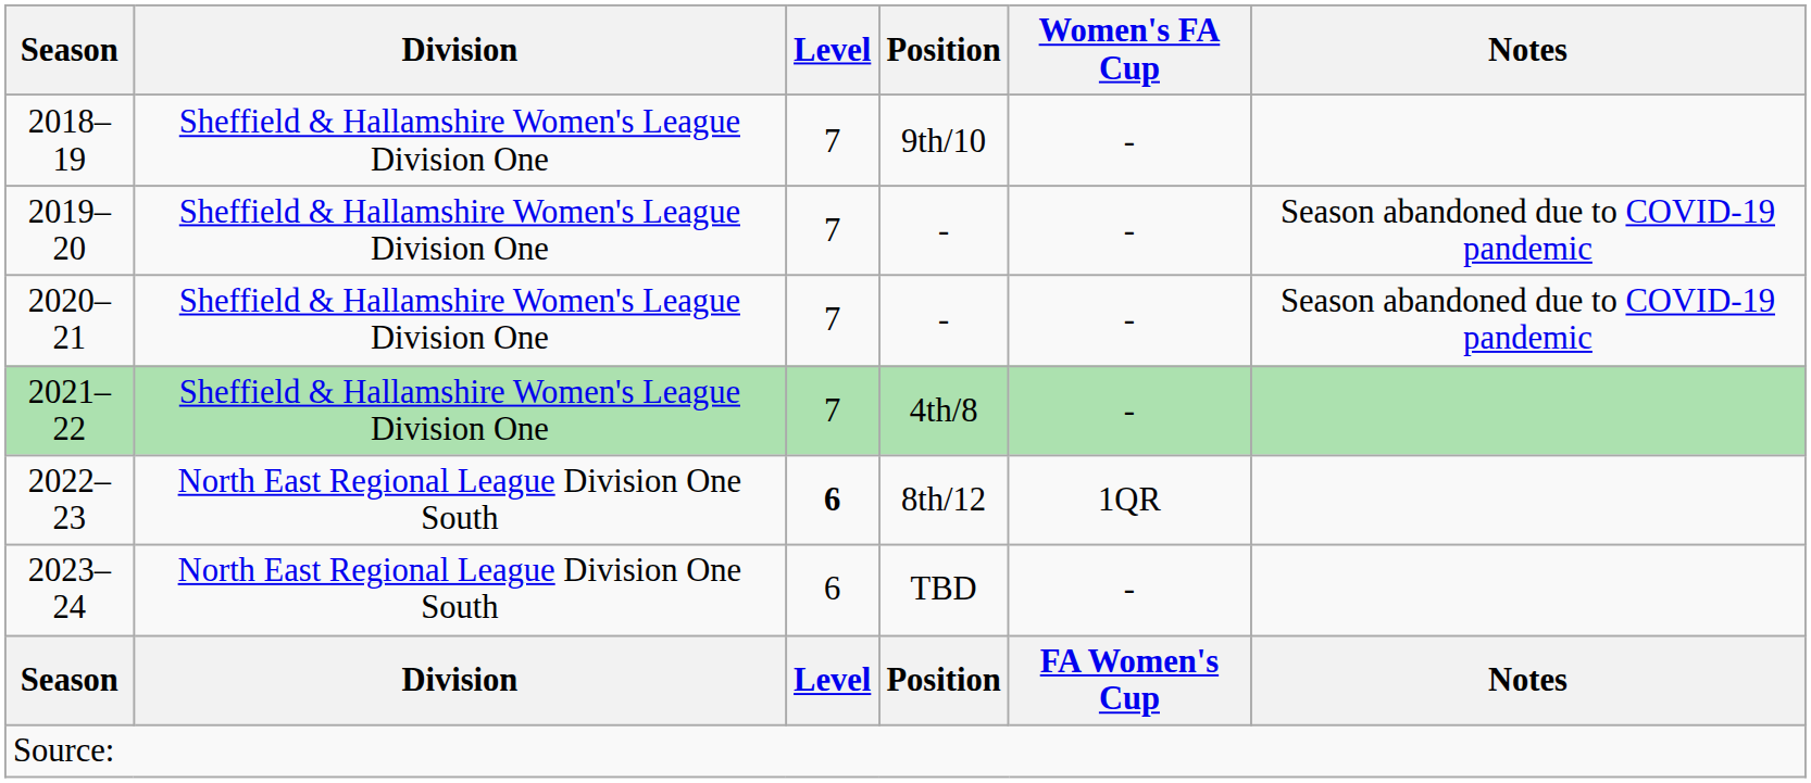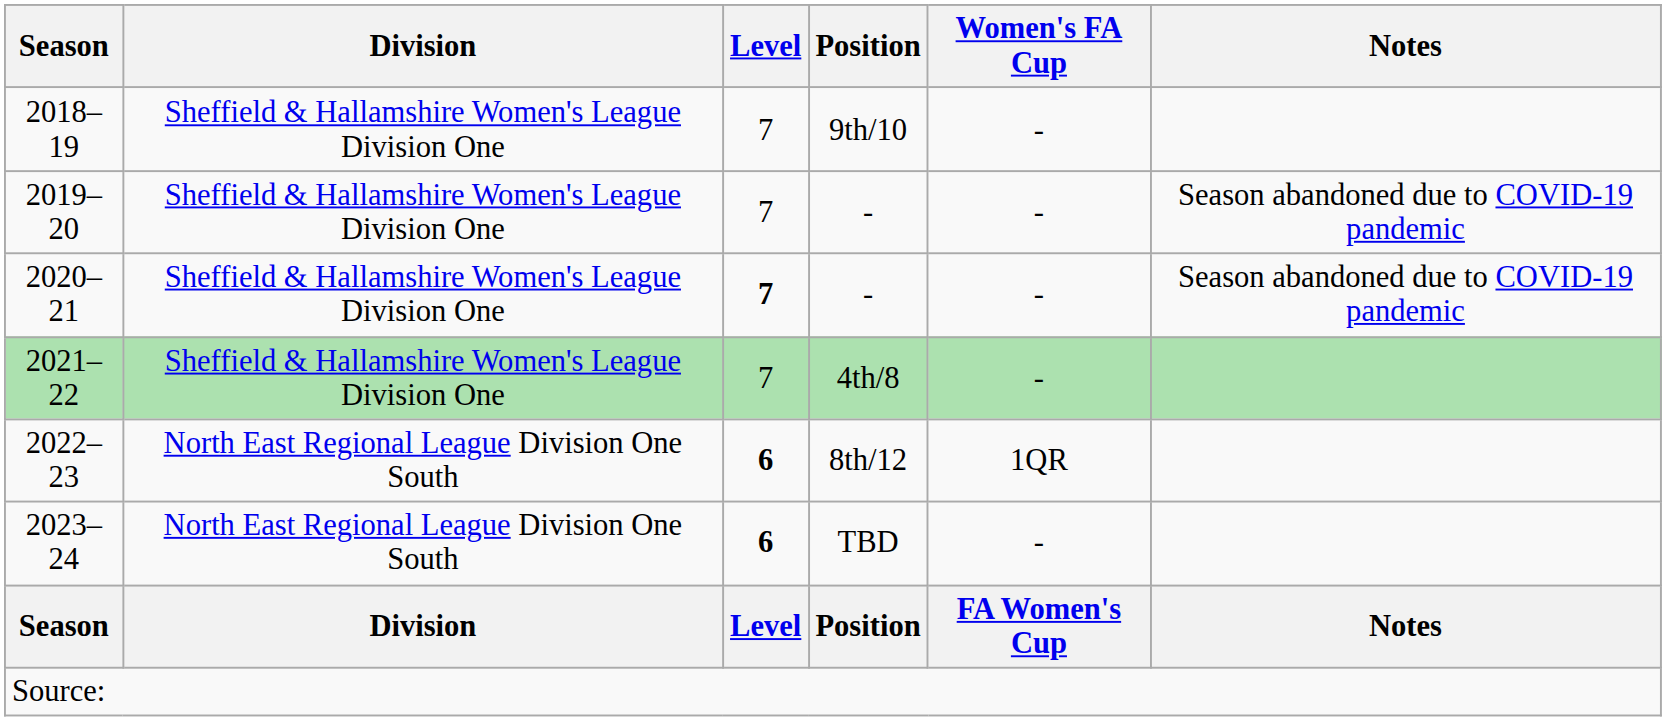 <table class="wikitable collapsible collapsed" style=text-align:center>
 <tr>
 <th>Season</th>
 <th>Division</th>
 <th><a href='#'>Level</a></th>
 <th>Position</th>
 <th><a href='#'>Women's FA Cup</a></th>
 <th>Notes</th>
 </tr>
 <tr>
 <td>2018–19</td>
 <td><a href='#'>Sheffield & Hallamshire Women's League</a> Division One</td>
 <td>7</td>
 <td>9th/10</td>
 <td>-</td>
 <td></td>
 </tr>
 <tr>
 <td>2019–20</td>
 <td><a href='#'>Sheffield & Hallamshire Women's League</a> Division One</td>
 <td>7</td>
 <td>-</td>
 <td>-</td>
 <td>Season abandoned due to <a href='#'>COVID-19 pandemic</a></td>
 </tr>
 <tr>
 <td>2020–21</td>
 <td><a href='#'>Sheffield & Hallamshire Women's League</a> Division One</td>
-<td>7</td>
+<td><strong>7</strong></td>
 <td>-</td>
 <td>-</td>
 <td>Season abandoned due to <a href='#'>COVID-19 pandemic</a></td>
 </tr>
 <tr bgcolor="#ACE1AF">
 <td>2021–22</td>
 <td><a href='#'>Sheffield & Hallamshire Women's League</a> Division One</td>
 <td>7</td>
 <td>4th/8</td>
 <td>-</td>
 <td></td>
 </tr>
 <tr>
 <td>2022–23</td>
 <td><a href='#'>North East Regional League</a> Division One South</td>
 <td><strong>6</strong></td>
 <td>8th/12</td>
 <td>1QR</td>
 <td></td>
 </tr>
 <tr>
 <td>2023–24</td>
 <td><a href='#'>North East Regional League</a> Division One South</td>
-<td>6</td>
+<td><strong>6</strong></td>
 <td>TBD</td>
 <td>-</td>
 <td></td>
 </tr>
 <tr>
 <th>Season</th>
 <th>Division</th>
 <th><a href='#'>Level</a></th>
 <th>Position</th>
 <th><a href='#'>FA Women's Cup</a></th>
 <th>Notes</th>
 </tr>
 <tr>
 <td align=left colspan=7>Source: </td>
 </tr>
 </table>
